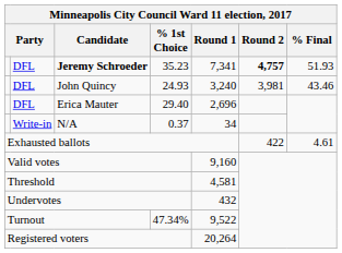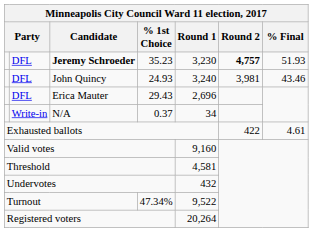 <table class="wikitable" style="font-size:95%">
 <tr>
 <th colspan="7">Minneapolis City Council Ward 11 election, 2017</th>
 </tr>
 <tr>
 <th colspan="2">Party</th>
 <th>Candidate</th>
 <th>% 1st<br>Choice</th>
 <th>Round 1</th>
 <th>Round 2</th>
 <th style="width:58px;">% Final</th>
 </tr>
 <tr>
 <td style="background-color:"></td>
 <td><a href='#'>DFL</a></td>
 <td><strong>Jeremy Schroeder</strong></td>
 <td align="right">35.23</td>
-<td align="right">7,341</td>
+<td align="right">3,230</td>
 <td align="right"><strong>4,757</strong></td>
 <td align="right">51.93</td>
 </tr>
 <tr>
 <td style="background-color:"></td>
 <td><a href='#'>DFL</a></td>
 <td>John Quincy</td>
 <td align="right">24.93</td>
 <td align="right">3,240</td>
 <td align="right">3,981</td>
 <td align="right">43.46</td>
 </tr>
 <tr>
 <td style="background-color:"></td>
 <td><a href='#'>DFL</a></td>
 <td>Erica Mauter</td>
-<td align="right">29.40</td>
+<td align="right">29.43</td>
 <td align="right">2,696</td>
 <td></td>
 <td rowspan="2"></td>
 </tr>
 <tr>
 <td style="background-color:"></td>
 <td><a href='#'>Write-in</a></td>
 <td>N/A</td>
 <td align="right">0.37</td>
 <td align="right">34</td>
 <td></td>
 </tr>
 <tr>
 <td colspan="5">Exhausted ballots</td>
 <td align="right">422</td>
 <td align="right">4.61</td>
 </tr>
 <tr>
 <td colspan="4">Valid votes</td>
 <td align="right">9,160</td>
 <td colspan="2" rowspan="5"></td>
 </tr>
 <tr>
 <td colspan="4">Threshold</td>
 <td align="right">4,581</td>
 </tr>
 <tr>
 <td colspan="4">Undervotes</td>
 <td align="right">432</td>
 </tr>
 <tr>
 <td colspan="3">Turnout</td>
 <td align="right">47.34%</td>
 <td align="right">9,522</td>
 </tr>
 <tr>
 <td colspan="4">Registered voters</td>
 <td align="right">20,264</td>
 </tr>
 </table>
